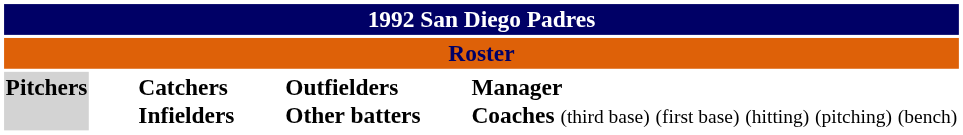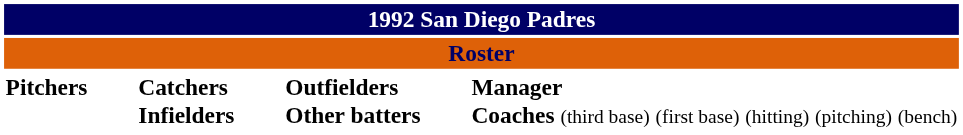 <table class="toccolours" style="font-size: 95%;">
 <tr>
 <th colspan="10" style="background-color: #000066;; color: #FFFFFF; text-align: center;">1992 San Diego Padres</th>
 </tr>
 <tr>
 <td colspan="10" style="background-color: #de6108; color: #000066; text-align: center;"><strong>Roster</strong></td>
 </tr>
 <tr>
-<td valign="top" style="background: lightgrey;"><strong>Pitchers</strong><br>                </td>
+<td valign="top"><strong>Pitchers</strong><br>                </td>
 <td style="width:25px;"></td>
 <td valign="top"><strong>Catchers</strong><br>    <strong>Infielders</strong>         </td>
 <td style="width:25px;"></td>
 <td valign="top"><strong>Outfielders</strong><br>        <strong>Other batters</strong> </td>
 <td style="width:25px;"></td>
 <td valign="top"><strong>Manager</strong><br>  <strong>Coaches</strong>  <small>(third base)</small>  <small>(first base)</small>  <small>(hitting)</small>  <small>(pitching)</small>  <small>(bench)</small></td>
 </tr>
 </table>
